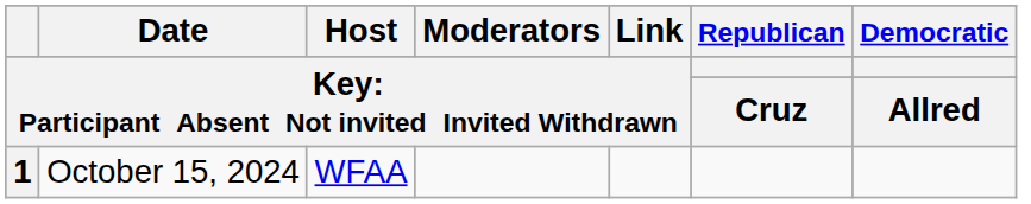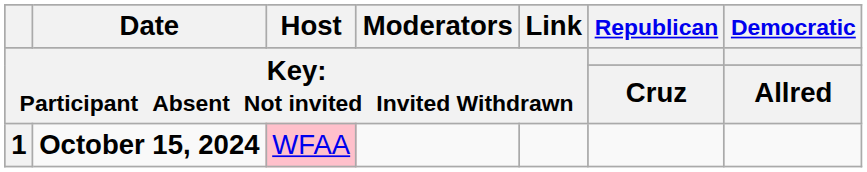 <table class="wikitable" style="text-align:center;">
 <tr>
 <th scope="col"></th>
 <th scope="col">Date</th>
 <th scope="col">Host</th>
 <th scope="col">Moderators</th>
 <th scope="col">Link</th>
 <th scope="col"><small><a href='#'>Republican</a></small></th>
 <th scope="col"><small><a href='#'>Democratic</a></small></th>
 </tr>
 <tr>
 <th colspan="5" rowspan="2">Key:<br> <small>Participant </small>  <small>Absent </small>  <small>Not invited </small>  <small>Invited  Withdrawn</small></th>
 <th scope="col" style="background:"></th>
 <th scope="col" style="background:"></th>
 </tr>
 <tr>
 <th scope="col">Cruz</th>
 <th scope="col">Allred</th>
 </tr>
 <tr>
 <th>1</th>
-<td style="white-space:nowrap;">October 15, 2024</td>
-<td style="white-space:nowrap;"><a href='#'>WFAA</a></td>
+<td style="white-space:nowrap;"><strong>October 15, 2024</strong></td>
+<td style="background: pink; white-space:nowrap;"><a href='#'>WFAA</a></td>
 <td style="white-space:nowrap;"></td>
 <td style="white-space:nowrap;"></td>
 <td></td>
 <td></td>
 </tr>
 </table>
